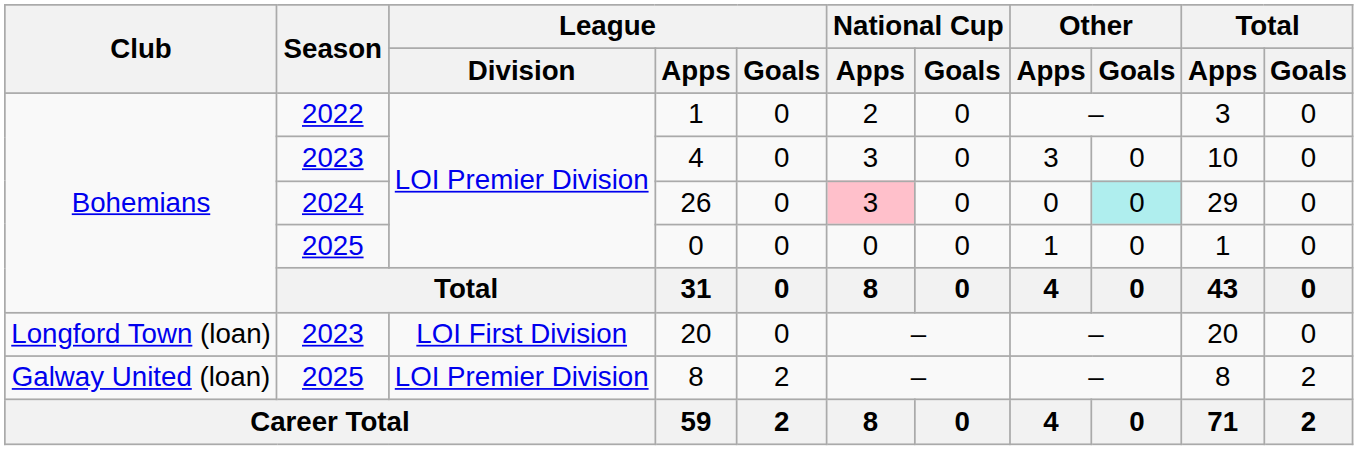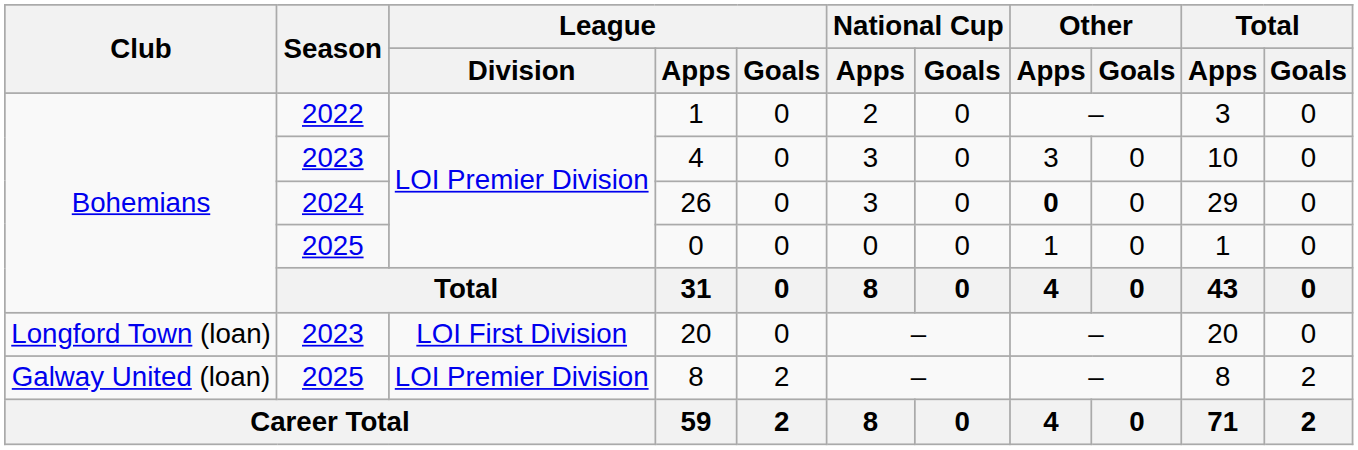 <table class=wikitable style="text-align: center">
 <tr>
 <th rowspan=2>Club</th>
 <th rowspan=2>Season</th>
 <th colspan=3>League</th>
 <th colspan=2>National Cup</th>
 <th colspan=2>Other</th>
 <th colspan=2>Total</th>
 </tr>
 <tr>
 <th>Division</th>
 <th>Apps</th>
 <th>Goals</th>
 <th>Apps</th>
 <th>Goals</th>
 <th>Apps</th>
 <th>Goals</th>
 <th>Apps</th>
 <th>Goals</th>
 </tr>
 <tr>
 <td rowspan="5"><a href='#'>Bohemians</a></td>
 <td><a href='#'>2022</a></td>
 <td rowspan="4"><a href='#'>LOI Premier Division</a></td>
 <td>1</td>
 <td>0</td>
 <td>2</td>
 <td>0</td>
 <td colspan="2">–</td>
 <td>3</td>
 <td>0</td>
 </tr>
 <tr>
 <td><a href='#'>2023</a></td>
 <td>4</td>
 <td>0</td>
 <td>3</td>
 <td>0</td>
 <td>3</td>
 <td>0</td>
 <td>10</td>
 <td>0</td>
 </tr>
 <tr>
 <td><a href='#'>2024</a></td>
 <td>26</td>
 <td>0</td>
-<td style="background: pink;">3</td>
+<td>3</td>
 <td>0</td>
+<td><strong>0</strong></td>
 <td>0</td>
-<td style="background: paleturquoise;">0</td>
 <td>29</td>
 <td>0</td>
 </tr>
 <tr>
 <td><a href='#'>2025</a></td>
 <td>0</td>
 <td>0</td>
 <td>0</td>
 <td>0</td>
 <td>1</td>
 <td>0</td>
 <td>1</td>
 <td>0</td>
 </tr>
 <tr>
 <th colspan="2">Total</th>
 <th>31</th>
 <th>0</th>
 <th>8</th>
 <th>0</th>
 <th>4</th>
 <th>0</th>
 <th>43</th>
 <th>0</th>
 </tr>
 <tr>
 <td><a href='#'>Longford Town</a> (loan)</td>
 <td><a href='#'>2023</a></td>
 <td><a href='#'>LOI First Division</a></td>
 <td>20</td>
 <td>0</td>
 <td colspan="2">–</td>
 <td colspan="2">–</td>
 <td>20</td>
 <td>0</td>
 </tr>
 <tr>
 <td><a href='#'>Galway United</a> (loan)</td>
 <td><a href='#'>2025</a></td>
 <td><a href='#'>LOI Premier Division</a></td>
 <td>8</td>
 <td>2</td>
 <td colspan="2">–</td>
 <td colspan="2">–</td>
 <td>8</td>
 <td>2</td>
 </tr>
 <tr>
 <th colspan="3">Career Total</th>
 <th>59</th>
 <th>2</th>
 <th>8</th>
 <th>0</th>
 <th>4</th>
 <th>0</th>
 <th>71</th>
 <th>2</th>
 </tr>
 </table>
